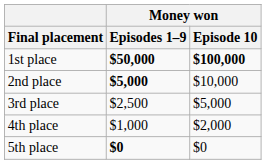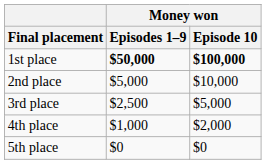 <table class="wikitable">
 <tr>
 <th></th>
 <th colspan="2">Money won</th>
 </tr>
 <tr>
 <th>Final placement</th>
 <th>Episodes 1–9</th>
 <th>Episode 10</th>
 </tr>
 <tr>
 <td>1st place</td>
 <td><strong>$50,000</strong></td>
 <td><strong>$100,000</strong></td>
 </tr>
 <tr>
 <td>2nd place</td>
-<td><strong>$5,000</strong></td>
+<td>$5,000</td>
 <td>$10,000</td>
 </tr>
 <tr>
 <td>3rd place</td>
 <td>$2,500</td>
 <td>$5,000</td>
 </tr>
 <tr>
 <td>4th place</td>
 <td>$1,000</td>
 <td>$2,000</td>
 </tr>
 <tr>
 <td>5th place</td>
-<td><strong>$0</strong></td>
+<td>$0</td>
 <td>$0</td>
 </tr>
 </table>
